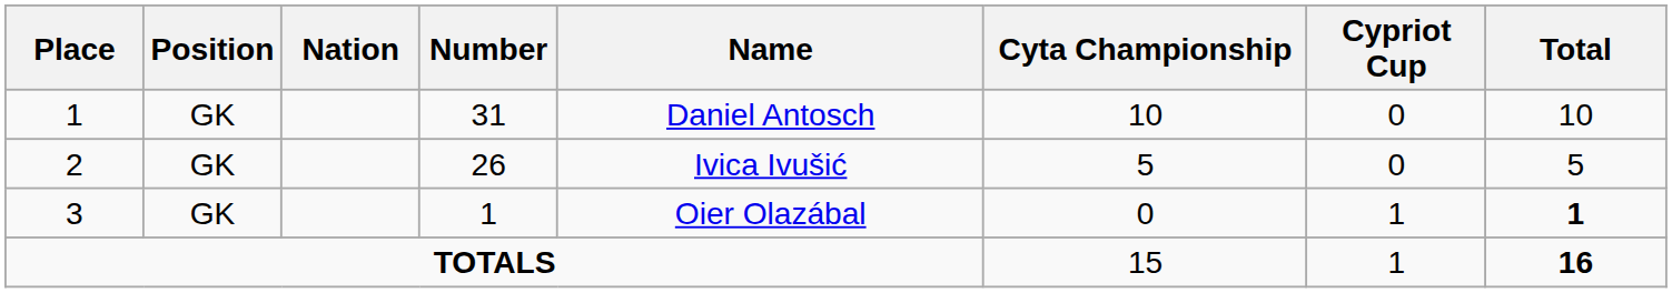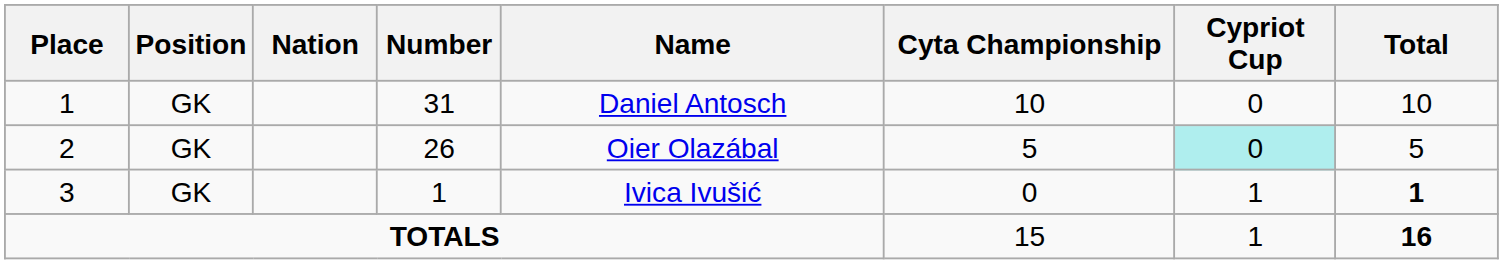 <table class="wikitable" style="font-size: 95%; text-align: center;">
 <tr>
 <th width=60>Place</th>
 <th width=60>Position</th>
 <th width=60>Nation</th>
 <th width=60>Number</th>
 <th width=200>Name</th>
 <th width=150>Cyta Championship</th>
 <th width=80>Cypriot Cup</th>
 <th width=80><strong>Total</strong></th>
 </tr>
 <tr>
 <td>1</td>
 <td>GK</td>
 <td></td>
 <td>31</td>
 <td><a href='#'>Daniel Antosch</a></td>
 <td>10</td>
 <td>0</td>
 <td>10</td>
 </tr>
 <tr>
 <td>2</td>
 <td>GK</td>
 <td></td>
 <td>26</td>
-<td><a href='#'>Ivica Ivušić</a></td>
+<td><a href='#'>Oier Olazábal</a></td>
 <td>5</td>
-<td>0</td>
+<td style="background: paleturquoise;">0</td>
 <td>5</td>
 </tr>
 <tr>
 <td>3</td>
 <td>GK</td>
 <td></td>
 <td>1</td>
-<td><a href='#'>Oier Olazábal</a></td>
+<td><a href='#'>Ivica Ivušić</a></td>
 <td>0</td>
 <td>1</td>
 <td><strong>1</strong></td>
 </tr>
 <tr>
 <td colspan="5"><strong>TOTALS</strong></td>
 <td>15</td>
 <td>1</td>
 <td><strong>16</strong></td>
 </tr>
 </table>
